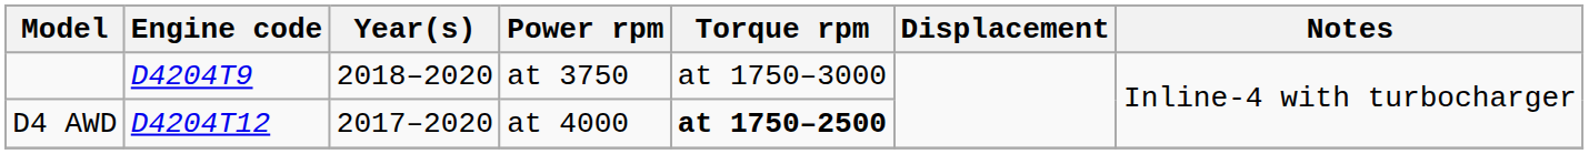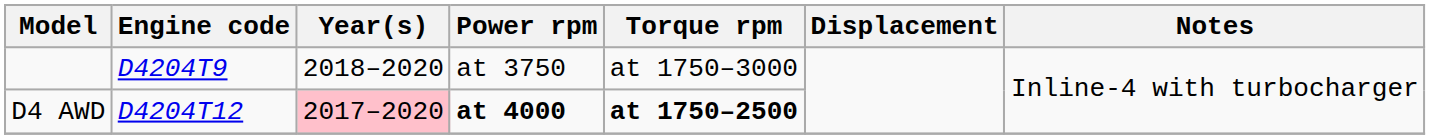 <table class="wikitable collapsible">
 <tr>
 <th>Model</th>
 <th>Engine code</th>
 <th>Year(s)</th>
 <th>Power rpm</th>
 <th>Torque rpm</th>
 <th>Displacement</th>
 <th>Notes</th>
 </tr>
 <tr>
 <td></td>
 <td><a href='#'><em>D4204T9</em></a></td>
 <td>2018–2020</td>
 <td> at 3750</td>
 <td> at 1750–3000</td>
 <td rowspan="2"></td>
 <td rowspan="2">Inline-4 with turbocharger</td>
 </tr>
 <tr>
 <td>D4 AWD</td>
 <td><em><a href='#'>D4204T12</a></em></td>
-<td>2017–2020</td>
-<td> at 4000</td>
+<td style="background: pink;">2017–2020</td>
+<td><strong> at 4000</strong></td>
 <td><strong> at 1750–2500</strong></td>
 </tr>
 <tr>
 </tr>
 </table>
